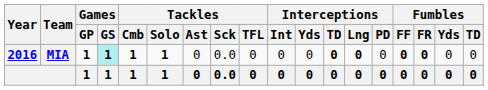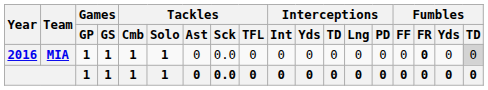 <table class="wikitable" style="text-align:center">
 <tr>
 <th rowspan="2">Year</th>
 <th rowspan="2">Team</th>
 <th colspan="2">Games</th>
 <th colspan="5">Tackles</th>
 <th colspan="5">Interceptions</th>
 <th colspan="4">Fumbles</th>
 </tr>
 <tr>
 <th>GP</th>
 <th>GS</th>
 <th>Cmb</th>
 <th>Solo</th>
 <th>Ast</th>
 <th>Sck</th>
 <th>TFL</th>
 <th>Int</th>
 <th>Yds</th>
 <th>TD</th>
 <th>Lng</th>
 <th>PD</th>
 <th>FF</th>
 <th>FR</th>
 <th>Yds</th>
 <th>TD</th>
 </tr>
 <tr>
 <th><a href='#'>2016</a></th>
 <th><a href='#'>MIA</a></th>
 <td><strong>1</strong></td>
-<td style="background: paleturquoise;"><strong>1</strong></td>
+<td><strong>1</strong></td>
 <td><strong>1</strong></td>
 <td><strong>1</strong></td>
 <td>0</td>
 <td>0.0</td>
 <td>0</td>
 <td>0</td>
 <td>0</td>
-<td><strong>0</strong></td>
+<td>0</td>
+<td>0</td>
+<td>0</td>
+<td>0</td>
 <td><strong>0</strong></td>
 <td>0</td>
-<td><strong>0</strong></td>
-<td><strong>0</strong></td>
-<td>0</td>
-<td>0</td>
+<td style="background: lightgrey;">0</td>
 </tr>
 <tr>
 <th colspan="2"></th>
 <th>1</th>
 <th>1</th>
 <th>1</th>
 <th>1</th>
 <th>0</th>
 <th>0.0</th>
 <th>0</th>
 <th>0</th>
 <th>0</th>
 <th>0</th>
 <th>0</th>
 <th>0</th>
 <th>0</th>
 <th>0</th>
 <th>0</th>
 <th>0</th>
 </tr>
 </table>
